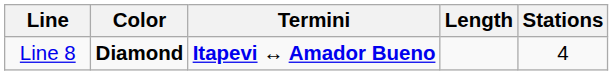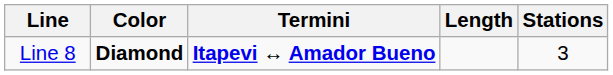 <table class="wikitable">
 <tr>
 <th align="center" width="60px">Line</th>
 <th align="center">Color</th>
 <th align="center">Termini</th>
 <th align="center">Length</th>
 <th align="center">Stations</th>
 </tr>
 <tr>
 <td align="center"><a href='#'>Line 8</a></td>
 <td><strong>Diamond</strong></td>
 <td align="center"><strong><a href='#'>Itapevi</a> ↔ <a href='#'>Amador Bueno</a></strong></td>
 <td align="center"></td>
-<td align="center">4</td>
+<td align="center">3</td>
 </tr>
 </table>
